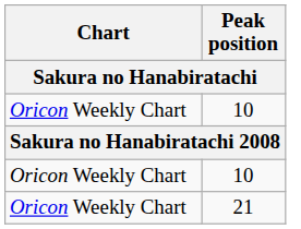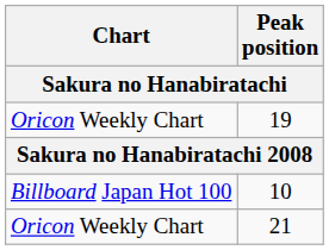 <table class="wikitable">
 <tr>
 <th>Chart</th>
 <th>Peak<br>position</th>
 </tr>
 <tr>
 <th colspan="2">Sakura no Hanabiratachi</th>
 </tr>
 <tr>
 <td><em><a href='#'>Oricon</a></em> Weekly Chart</td>
-<td align="center">10</td>
+<td align="center">19</td>
 </tr>
 <tr>
 <th colspan="2">Sakura no Hanabiratachi 2008</th>
 </tr>
 <tr>
-<td><em>Oricon</em> Weekly Chart</td>
+<td><em><a href='#'>Billboard</a></em> <a href='#'>Japan Hot 100</a></td>
 <td align="center">10</td>
 </tr>
 <tr>
 <td><em><a href='#'>Oricon</a></em> Weekly Chart</td>
 <td align="center">21</td>
 </tr>
 </table>
